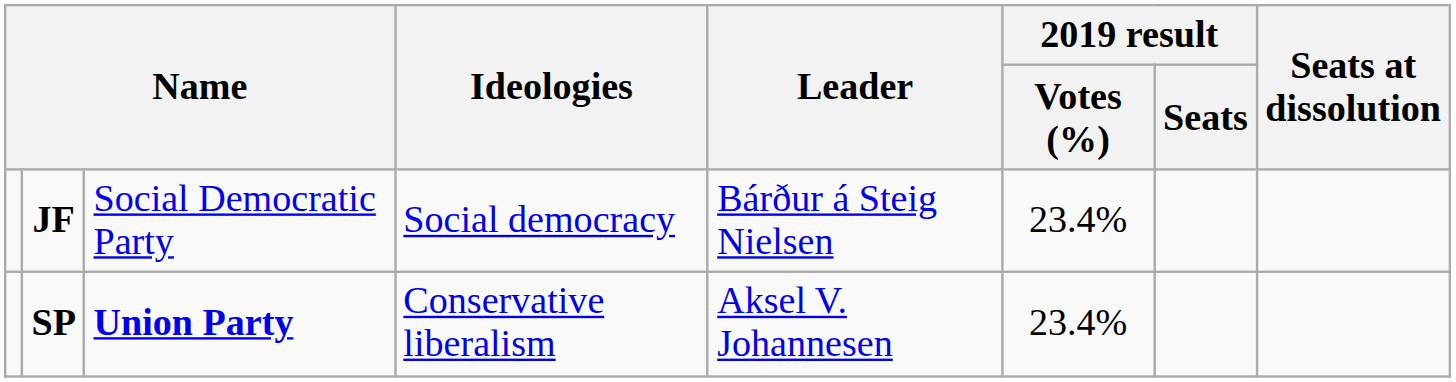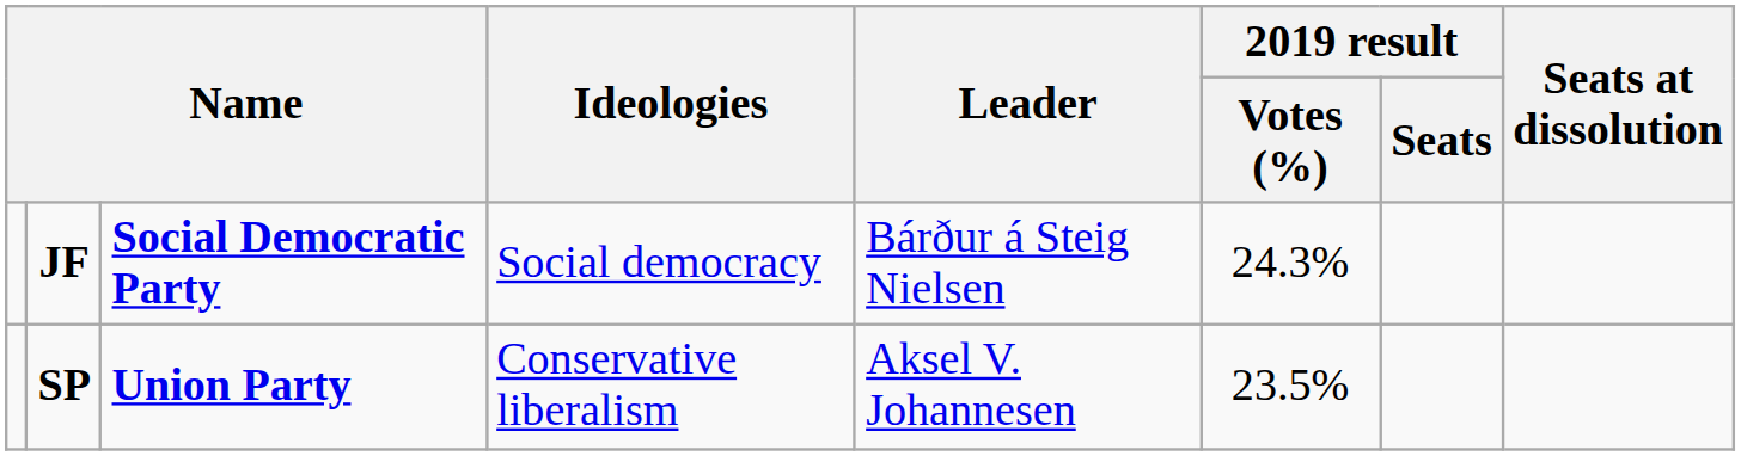 <table class="wikitable">
 <tr>
 <th rowspan="2" colspan="3">Name</th>
 <th rowspan="2">Ideologies</th>
 <th rowspan="2">Leader</th>
 <th colspan="2">2019 result</th>
 <th rowspan="2">Seats at<br>dissolution</th>
 </tr>
 <tr>
 <th>Votes (%)</th>
 <th>Seats</th>
 </tr>
 <tr>
 <td style="background:"></td>
 <td style="text-align:center;"><strong>JF</strong></td>
-<td><a href='#'>Social Democratic Party</a><br></td>
+<td><strong><a href='#'>Social Democratic Party</a><br></strong></td>
 <td><a href='#'>Social democracy</a></td>
 <td><a href='#'>Bárður á Steig Nielsen</a></td>
-<td style="text-align:center;">23.4%</td>
+<td style="text-align:center;">24.3%</td>
 <td></td>
 <td></td>
 </tr>
 <tr>
 <td style="background:"></td>
 <td style="text-align:center;"><strong>SP</strong></td>
 <td><strong><a href='#'>Union Party</a><br></strong></td>
 <td><a href='#'>Conservative liberalism</a></td>
 <td><a href='#'>Aksel V. Johannesen</a></td>
-<td style="text-align:center;">23.4%</td>
+<td style="text-align:center;">23.5%</td>
 <td></td>
 <td></td>
 </tr>
 </table>
